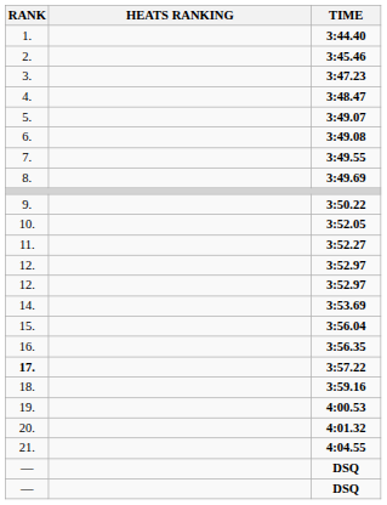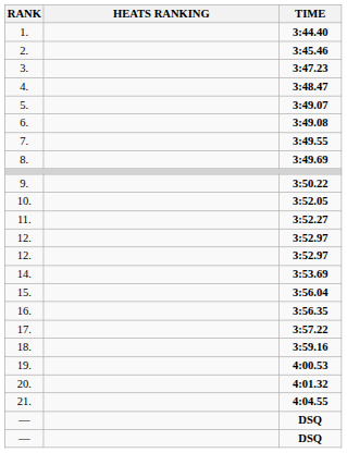 <table class="wikitable">
 <tr>
 <th>RANK</th>
 <th style="width: 20em">HEATS RANKING</th>
 <th style="width: 5em">TIME</th>
 </tr>
 <tr>
 <td align="center">1.</td>
 <td></td>
 <td align="center"><strong>3:44.40</strong></td>
 </tr>
 <tr>
 <td align="center">2.</td>
 <td></td>
 <td align="center"><strong>3:45.46</strong></td>
 </tr>
 <tr>
 <td align="center">3.</td>
 <td></td>
 <td align="center"><strong>3:47.23</strong></td>
 </tr>
 <tr>
 <td align="center">4.</td>
 <td></td>
 <td align="center"><strong>3:48.47</strong></td>
 </tr>
 <tr>
 <td align="center">5.</td>
 <td></td>
 <td align="center"><strong>3:49.07</strong></td>
 </tr>
 <tr>
 <td align="center">6.</td>
 <td></td>
 <td align="center"><strong>3:49.08</strong></td>
 </tr>
 <tr>
 <td align="center">7.</td>
 <td></td>
 <td align="center"><strong>3:49.55</strong></td>
 </tr>
 <tr>
 <td align="center">8.</td>
 <td></td>
 <td align="center"><strong>3:49.69</strong></td>
 </tr>
 <tr>
 <td colspan=3 bgcolor=lightgray></td>
 </tr>
 <tr>
 <td align="center">9.</td>
 <td></td>
 <td align="center"><strong>3:50.22 </strong></td>
 </tr>
 <tr>
 <td align="center">10.</td>
 <td></td>
 <td align="center"><strong>3:52.05 </strong></td>
 </tr>
 <tr>
 <td align="center">11.</td>
 <td></td>
 <td align="center"><strong>3:52.27 </strong></td>
 </tr>
 <tr>
 <td align="center">12.</td>
 <td></td>
 <td align="center"><strong>3:52.97</strong></td>
 </tr>
 <tr>
 <td align="center">12.</td>
 <td></td>
 <td align="center"><strong>3:52.97</strong></td>
 </tr>
 <tr>
 <td align="center">14.</td>
 <td></td>
 <td align="center"><strong>3:53.69</strong></td>
 </tr>
 <tr>
 <td align="center">15.</td>
 <td></td>
 <td align="center"><strong>3:56.04</strong></td>
 </tr>
 <tr>
 <td align="center">16.</td>
 <td></td>
 <td align="center"><strong>3:56.35</strong></td>
 </tr>
 <tr>
-<td align="center"><strong>17.</strong></td>
+<td align="center">17.</td>
 <td></td>
 <td align="center"><strong>3:57.22</strong></td>
 </tr>
 <tr>
 <td align="center">18.</td>
 <td></td>
 <td align="center"><strong>3:59.16</strong></td>
 </tr>
 <tr>
 <td align="center">19.</td>
 <td></td>
 <td align="center"><strong>4:00.53 </strong></td>
 </tr>
 <tr>
 <td align="center">20.</td>
 <td></td>
 <td align="center"><strong>4:01.32 </strong></td>
 </tr>
 <tr>
 <td align="center">21.</td>
 <td></td>
 <td align="center"><strong>4:04.55 </strong></td>
 </tr>
 <tr>
 <td align="center">—</td>
 <td></td>
 <td align="center"><strong>DSQ </strong></td>
 </tr>
 <tr>
 <td align="center">—</td>
 <td></td>
 <td align="center"><strong>DSQ </strong></td>
 </tr>
 </table>
